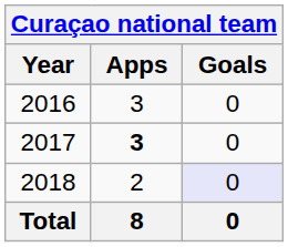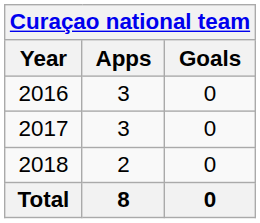 <table class="wikitable" style="text-align:center">
 <tr>
 <th colspan=3><a href='#'>Curaçao national team</a></th>
 </tr>
 <tr>
 <th>Year</th>
 <th>Apps</th>
 <th>Goals</th>
 </tr>
 <tr>
 <td>2016</td>
 <td>3</td>
 <td>0</td>
 </tr>
 <tr>
 <td>2017</td>
-<td><strong>3</strong></td>
+<td>3</td>
 <td>0</td>
 </tr>
 <tr>
 <td>2018</td>
 <td>2</td>
-<td style="background: lavender;">0</td>
+<td>0</td>
 </tr>
 <tr>
 <th>Total</th>
 <th>8</th>
 <th>0</th>
 </tr>
 </table>
